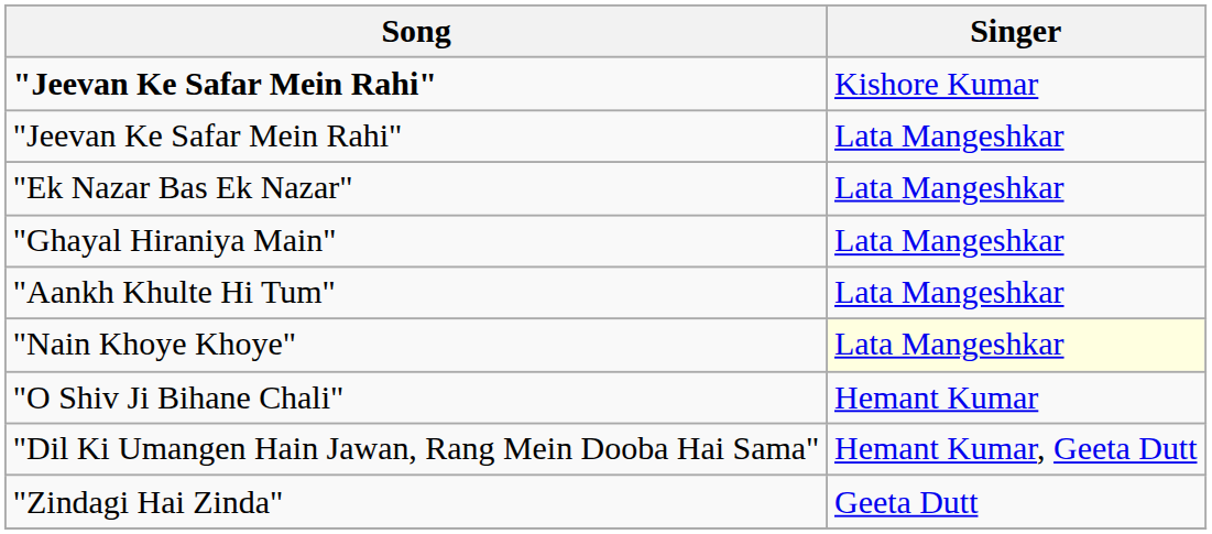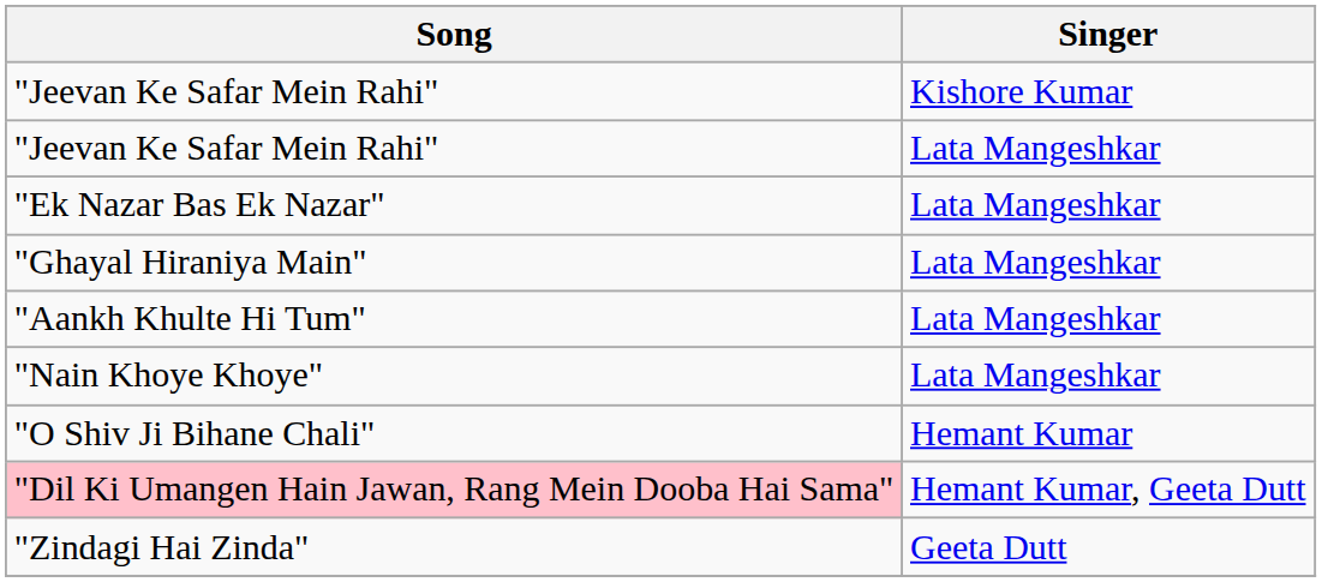 <table class="wikitable">
 <tr>
 <th>Song</th>
 <th>Singer</th>
 </tr>
 <tr>
-<td><strong>"Jeevan Ke Safar Mein Rahi"</strong></td>
+<td>"Jeevan Ke Safar Mein Rahi"</td>
 <td><a href='#'>Kishore Kumar</a></td>
 </tr>
 <tr>
 <td>"Jeevan Ke Safar Mein Rahi"</td>
 <td><a href='#'>Lata Mangeshkar</a></td>
 </tr>
 <tr>
 <td>"Ek Nazar Bas Ek Nazar"</td>
 <td><a href='#'>Lata Mangeshkar</a></td>
 </tr>
 <tr>
 <td>"Ghayal Hiraniya Main"</td>
 <td><a href='#'>Lata Mangeshkar</a></td>
 </tr>
 <tr>
 <td>"Aankh Khulte Hi Tum"</td>
 <td><a href='#'>Lata Mangeshkar</a></td>
 </tr>
 <tr>
 <td>"Nain Khoye Khoye"</td>
-<td style="background: lightyellow;"><a href='#'>Lata Mangeshkar</a></td>
+<td><a href='#'>Lata Mangeshkar</a></td>
 </tr>
 <tr>
 <td>"O Shiv Ji Bihane Chali"</td>
 <td><a href='#'>Hemant Kumar</a></td>
 </tr>
 <tr>
-<td>"Dil Ki Umangen Hain Jawan, Rang Mein Dooba Hai Sama"</td>
+<td style="background: pink;">"Dil Ki Umangen Hain Jawan, Rang Mein Dooba Hai Sama"</td>
 <td><a href='#'>Hemant Kumar</a>, <a href='#'>Geeta Dutt</a></td>
 </tr>
 <tr>
 <td>"Zindagi Hai Zinda"</td>
 <td><a href='#'>Geeta Dutt</a></td>
 </tr>
 <tr>
 </tr>
 </table>
